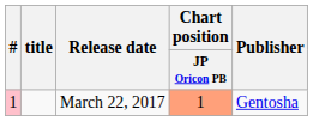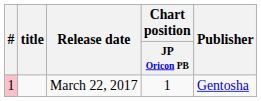 <table class="wikitable" style="text-align:center">
 <tr style="background:#CCCCCC;">
 <th rowspan="2">#</th>
 <th rowspan="2">title</th>
 <th rowspan="2">Release date</th>
 <th colspan="1">Chart<br>position</th>
 <th rowspan="2">Publisher</th>
 </tr>
 <tr style="font-size:smaller;">
 <th width="35">JP<br><small><a href='#'>Oricon</a> PB</small><br></th>
 </tr>
 <tr>
 <td style="background: pink;">1</td>
 <td align="left"></td>
 <td align="right">March 22, 2017</td>
-<td align="center" style="background: lightsalmon;">1</td>
+<td align="center">1</td>
 <td align="left"><a href='#'>Gentosha</a></td>
 </tr>
 </table>
